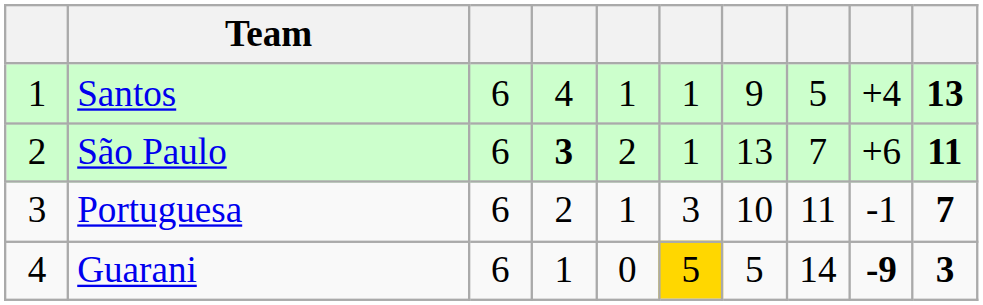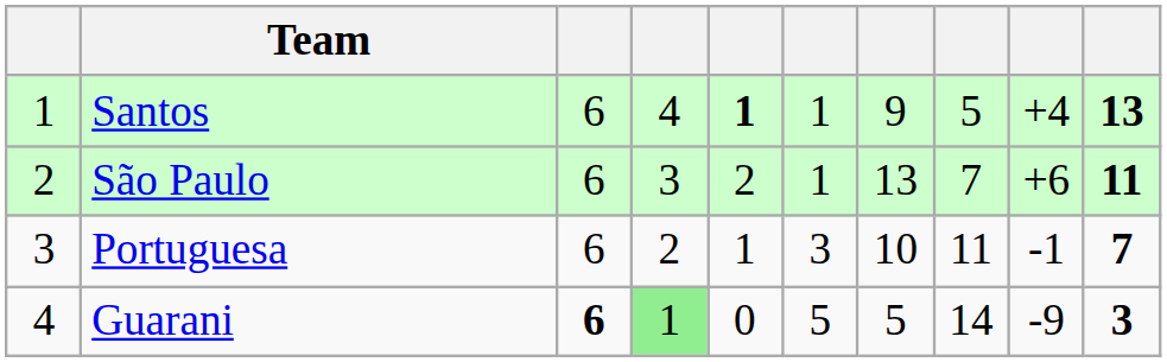 <table class="wikitable" style="text-align: center;">
 <tr>
 <th width=20></th>
 <th width=165>Team</th>
 <th width=20></th>
 <th width=20></th>
 <th width=20></th>
 <th width=20></th>
 <th width=20></th>
 <th width=20></th>
 <th width=20></th>
 <th width=20></th>
 </tr>
 <tr bgcolor="#ccffcc">
 <td>1</td>
 <td align=left><a href='#'>Santos</a></td>
 <td>6</td>
 <td>4</td>
-<td>1</td>
+<td><strong>1</strong></td>
 <td>1</td>
 <td>9</td>
 <td>5</td>
 <td>+4</td>
 <td><strong>13</strong></td>
 </tr>
 <tr bgcolor="#ccffcc">
 <td>2</td>
 <td align=left><a href='#'>São Paulo</a></td>
 <td>6</td>
-<td><strong>3</strong></td>
+<td>3</td>
 <td>2</td>
 <td>1</td>
 <td>13</td>
 <td>7</td>
 <td>+6</td>
 <td><strong>11</strong></td>
 </tr>
 <tr>
 <td>3</td>
 <td align=left><a href='#'>Portuguesa</a></td>
 <td>6</td>
 <td>2</td>
 <td>1</td>
 <td>3</td>
 <td>10</td>
 <td>11</td>
 <td>-1</td>
 <td><strong>7</strong></td>
 </tr>
 <tr>
 <td>4</td>
 <td align=left><a href='#'>Guarani</a></td>
-<td>6</td>
-<td>1</td>
+<td><strong>6</strong></td>
+<td style="background: lightgreen;">1</td>
 <td>0</td>
-<td style="background: gold;">5</td>
+<td>5</td>
 <td>5</td>
 <td>14</td>
-<td><strong>-9</strong></td>
+<td>-9</td>
 <td><strong>3</strong></td>
 </tr>
 </table>
